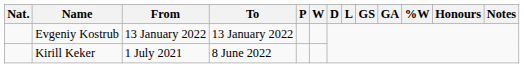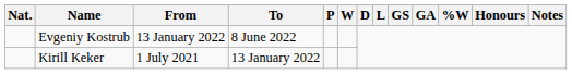 <table class="wikitable sortable" style="text-align: center">
 <tr>
 <th>Nat.</th>
 <th>Name</th>
 <th class="unsortable">From</th>
 <th class="unsortable">To</th>
 <th abbr="TOTAL OF MATCHES PLAYED">P</th>
 <th abbr="MATCHES WON">W</th>
 <th abbr="MATCHES DRAWN">D</th>
 <th abbr="MATCHES LOST">L</th>
 <th abbr="GOALS SCORED">GS</th>
 <th abbr="GOAL AGAINST">GA</th>
 <th abbr="PERCENTAGE OF MATCHES WON">%W</th>
 <th abbr="HONOURS">Honours</th>
 <th abbr="NOTES">Notes</th>
 </tr>
 <tr>
 <td align=left></td>
 <td align=left>Evgeniy Kostrub</td>
 <td align=left>13 January 2022</td>
-<td align=left>13 January 2022<br></td>
+<td align=left>8 June 2022<br></td>
 <td style="text-align:left;font-size:smaller"></td>
 <td></td>
 </tr>
 <tr>
 <td align=left></td>
 <td align=left>Kirill Keker</td>
 <td align=left>1 July 2021</td>
-<td align=left>8 June 2022<br></td>
+<td align=left>13 January 2022<br></td>
 <td style="text-align:left;font-size:smaller"></td>
 <td></td>
 </tr>
 </table>
